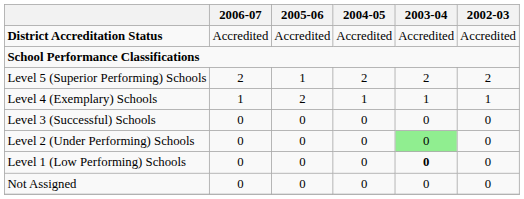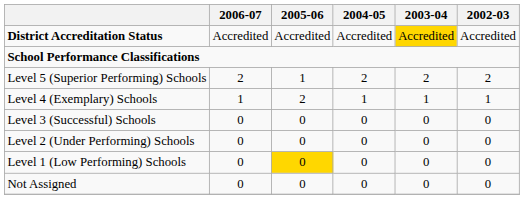 <table class="wikitable" style="font-size: 95%;">
 <tr>
 <th></th>
 <th>2006-07</th>
 <th>2005-06</th>
 <th>2004-05</th>
 <th>2003-04</th>
 <th>2002-03</th>
 </tr>
 <tr>
 <td align="left"><strong>District Accreditation Status</strong></td>
 <td align="center">Accredited</td>
 <td align="center">Accredited</td>
 <td align="center">Accredited</td>
-<td align="center">Accredited</td>
+<td align="center" style="background: gold;">Accredited</td>
 <td align="center">Accredited</td>
 </tr>
 <tr>
 <td align="left" colspan="6"><strong>School Performance Classifications</strong></td>
 </tr>
 <tr>
 <td align="left">Level 5 (Superior Performing) Schools</td>
 <td align="center">2</td>
 <td align="center">1</td>
 <td align="center">2</td>
 <td align="center">2</td>
 <td align="center">2</td>
 </tr>
 <tr>
 <td align="left">Level 4 (Exemplary) Schools</td>
 <td align="center">1</td>
 <td align="center">2</td>
 <td align="center">1</td>
 <td align="center">1</td>
 <td align="center">1</td>
 </tr>
 <tr>
 <td align="left">Level 3 (Successful) Schools</td>
 <td align="center">0</td>
 <td align="center">0</td>
 <td align="center">0</td>
 <td align="center">0</td>
 <td align="center">0</td>
 </tr>
 <tr>
 <td align="left">Level 2 (Under Performing) Schools</td>
 <td align="center">0</td>
 <td align="center">0</td>
 <td align="center">0</td>
-<td align="center" style="background: lightgreen;">0</td>
+<td align="center">0</td>
 <td align="center">0</td>
 </tr>
 <tr>
 <td align="left">Level 1 (Low Performing) Schools</td>
 <td align="center">0</td>
+<td align="center" style="background: gold;">0</td>
 <td align="center">0</td>
 <td align="center">0</td>
-<td align="center"><strong>0</strong></td>
 <td align="center">0</td>
 </tr>
 <tr>
 <td align="left">Not Assigned</td>
 <td align="center">0</td>
 <td align="center">0</td>
 <td align="center">0</td>
 <td align="center">0</td>
 <td align="center">0</td>
 </tr>
 <tr>
 </tr>
 </table>
